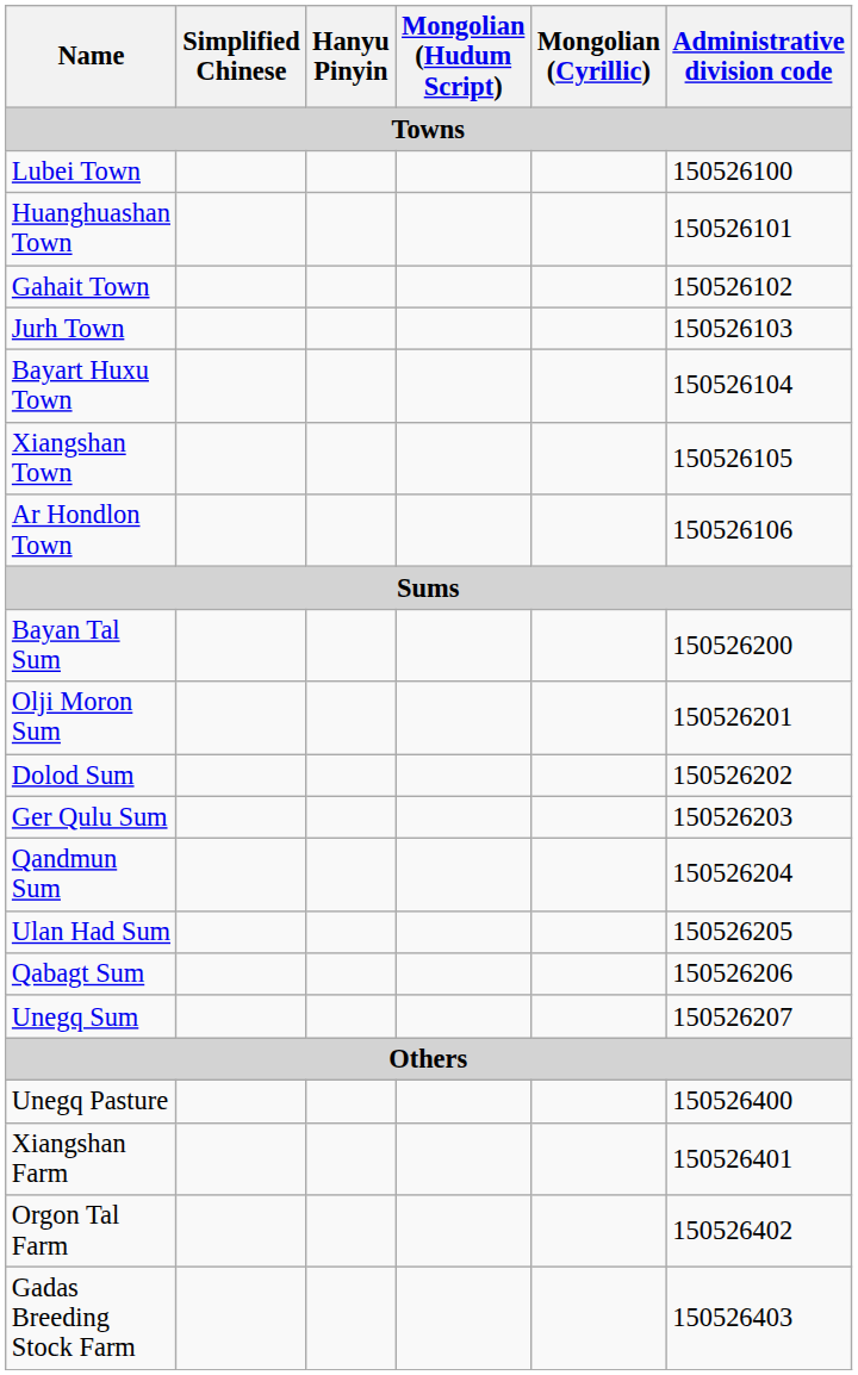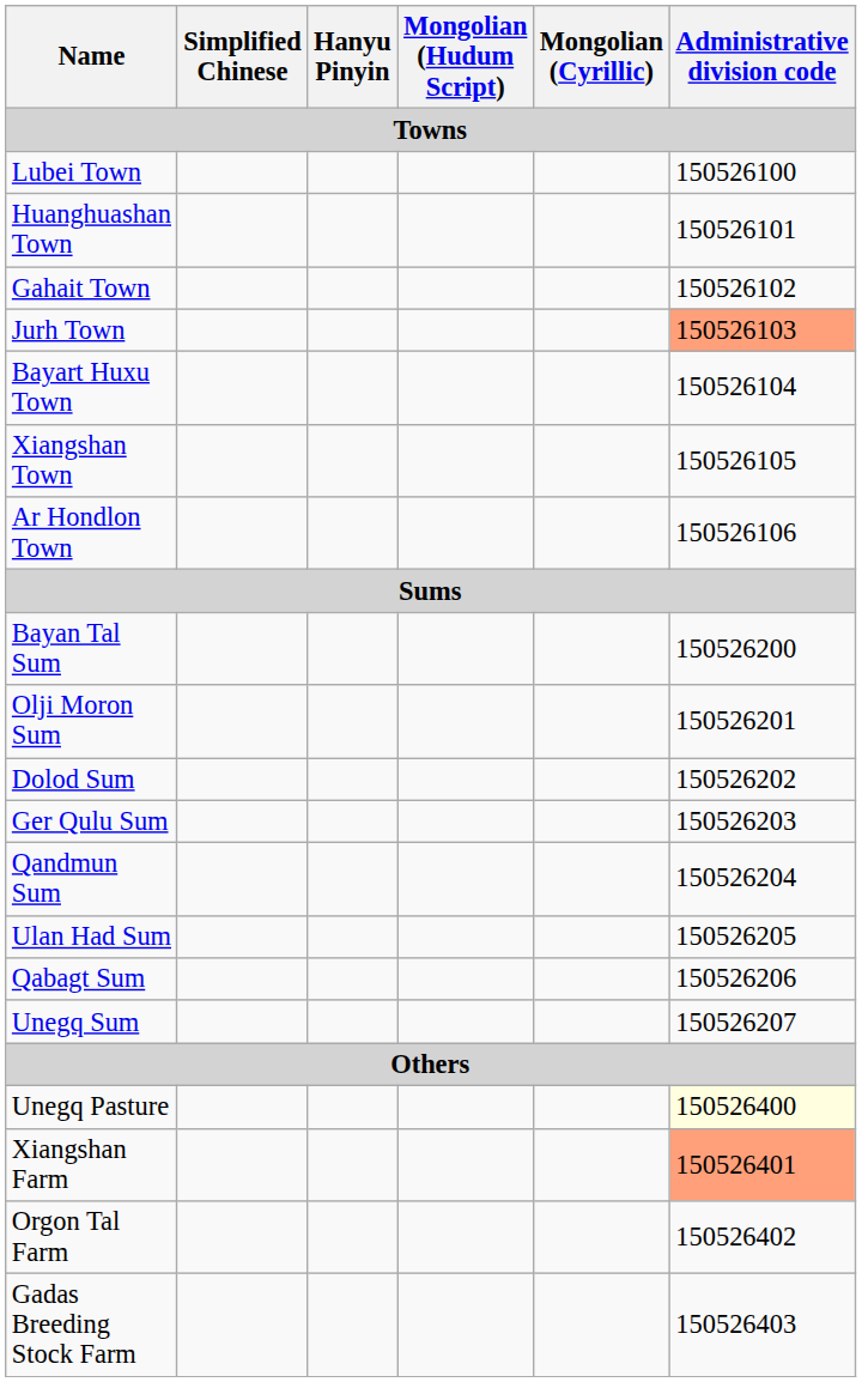 <table class="wikitable" align="center" style="width:50%; border="1">
 <tr>
 <th>Name</th>
 <th>Simplified Chinese</th>
 <th>Hanyu Pinyin</th>
 <th><a href='#'>Mongolian</a> (<a href='#'>Hudum Script</a>)</th>
 <th>Mongolian (<a href='#'>Cyrillic</a>)</th>
 <th><a href='#'>Administrative division code</a></th>
 </tr>
 <tr>
 <td colspan="6"  style="text-align:center; background:#d3d3d3;"><strong>Towns</strong></td>
 </tr>
 <tr --------->
 <td><a href='#'>Lubei Town</a></td>
 <td></td>
 <td></td>
 <td></td>
 <td></td>
 <td>150526100</td>
 </tr>
 <tr>
 <td><a href='#'>Huanghuashan Town</a></td>
 <td></td>
 <td></td>
 <td></td>
 <td></td>
 <td>150526101</td>
 </tr>
 <tr>
 <td><a href='#'>Gahait Town</a></td>
 <td></td>
 <td></td>
 <td></td>
 <td></td>
 <td>150526102</td>
 </tr>
 <tr>
 <td><a href='#'>Jurh Town</a></td>
 <td></td>
 <td></td>
 <td></td>
 <td></td>
-<td>150526103</td>
+<td style="background: lightsalmon;">150526103</td>
 </tr>
 <tr>
 <td><a href='#'>Bayart Huxu Town</a></td>
 <td></td>
 <td></td>
 <td></td>
 <td></td>
 <td>150526104</td>
 </tr>
 <tr>
 <td><a href='#'>Xiangshan Town</a></td>
 <td></td>
 <td></td>
 <td></td>
 <td></td>
 <td>150526105</td>
 </tr>
 <tr>
 <td><a href='#'>Ar Hondlon Town</a></td>
 <td></td>
 <td></td>
 <td></td>
 <td></td>
 <td>150526106</td>
 </tr>
 <tr>
 <td colspan="6"  style="text-align:center; background:#d3d3d3;"><strong>Sums</strong></td>
 </tr>
 <tr --------->
 <td><a href='#'>Bayan Tal Sum</a></td>
 <td></td>
 <td></td>
 <td></td>
 <td></td>
 <td>150526200</td>
 </tr>
 <tr>
 <td><a href='#'>Olji Moron Sum</a></td>
 <td></td>
 <td></td>
 <td></td>
 <td></td>
 <td>150526201</td>
 </tr>
 <tr>
 <td><a href='#'>Dolod Sum</a></td>
 <td></td>
 <td></td>
 <td></td>
 <td></td>
 <td>150526202</td>
 </tr>
 <tr>
 <td><a href='#'>Ger Qulu Sum</a></td>
 <td></td>
 <td></td>
 <td></td>
 <td></td>
 <td>150526203</td>
 </tr>
 <tr>
 <td><a href='#'>Qandmun Sum</a></td>
 <td></td>
 <td></td>
 <td></td>
 <td></td>
 <td>150526204</td>
 </tr>
 <tr>
 <td><a href='#'>Ulan Had Sum</a></td>
 <td></td>
 <td></td>
 <td></td>
 <td></td>
 <td>150526205</td>
 </tr>
 <tr>
 <td><a href='#'>Qabagt Sum</a></td>
 <td></td>
 <td></td>
 <td></td>
 <td></td>
 <td>150526206</td>
 </tr>
 <tr>
 <td><a href='#'>Unegq Sum</a></td>
 <td></td>
 <td></td>
 <td></td>
 <td></td>
 <td>150526207</td>
 </tr>
 <tr>
 <td colspan="6"  style="text-align:center; background:#d3d3d3;"><strong>Others</strong></td>
 </tr>
 <tr --------->
 <td>Unegq Pasture</td>
 <td></td>
 <td></td>
 <td></td>
 <td></td>
-<td>150526400</td>
+<td style="background: lightyellow;">150526400</td>
 </tr>
 <tr>
 <td>Xiangshan Farm</td>
 <td></td>
 <td></td>
 <td></td>
 <td></td>
-<td>150526401</td>
+<td style="background: lightsalmon;">150526401</td>
 </tr>
 <tr>
 <td>Orgon Tal Farm</td>
 <td></td>
 <td></td>
 <td></td>
 <td></td>
 <td>150526402</td>
 </tr>
 <tr>
 <td>Gadas Breeding Stock Farm</td>
 <td></td>
 <td></td>
 <td></td>
 <td></td>
 <td>150526403</td>
 </tr>
 <tr>
 </tr>
 </table>
